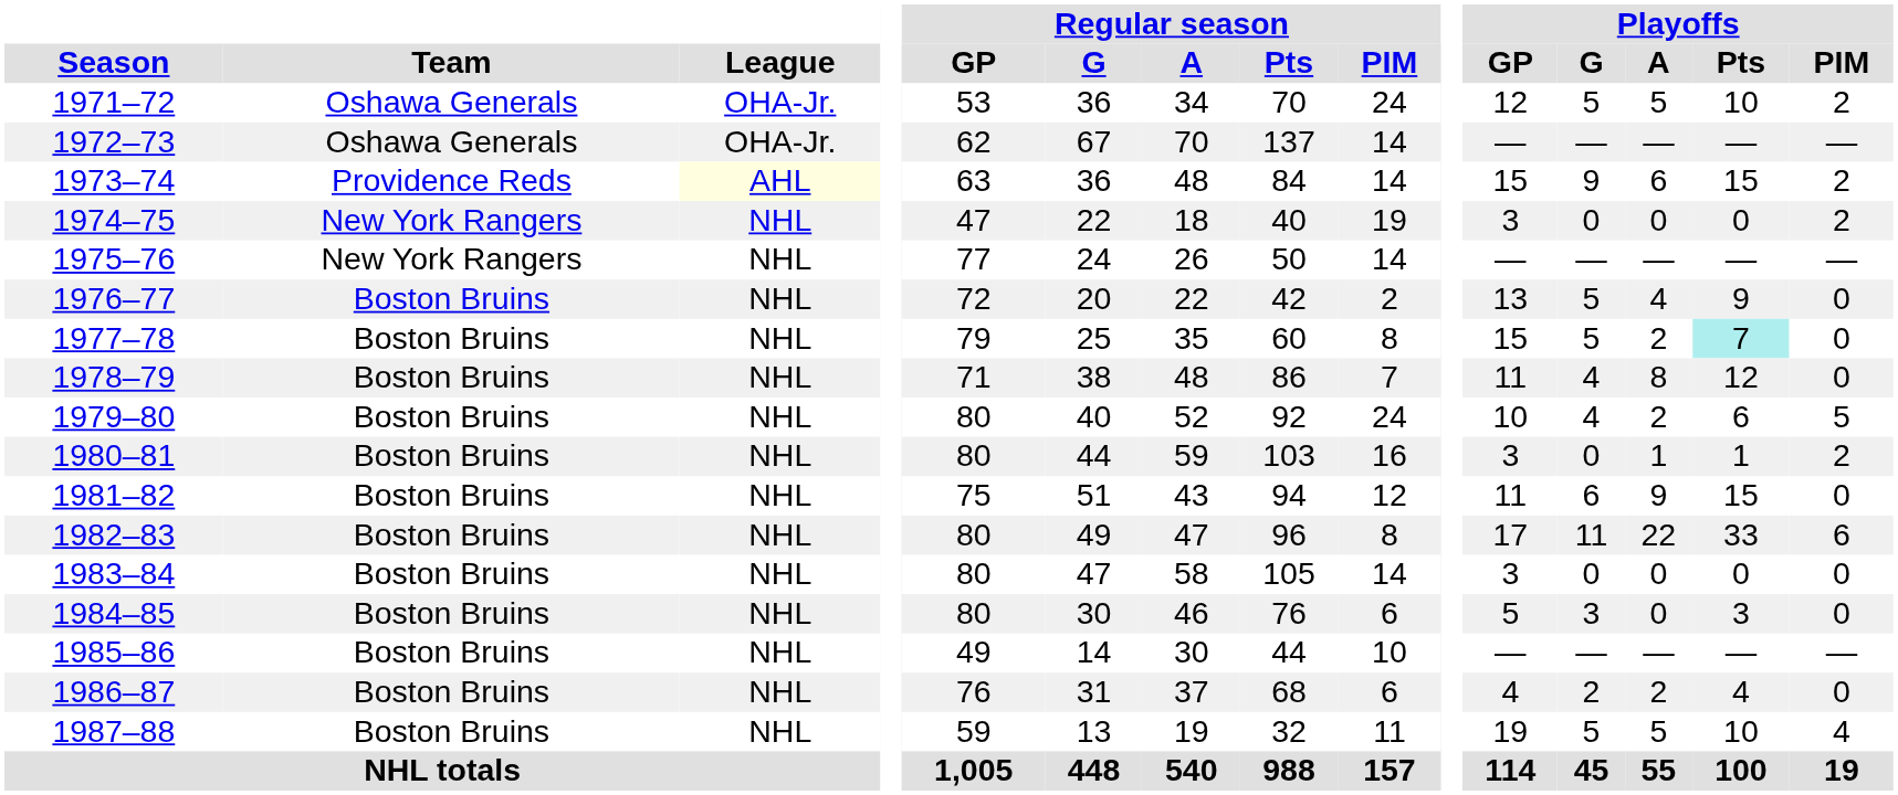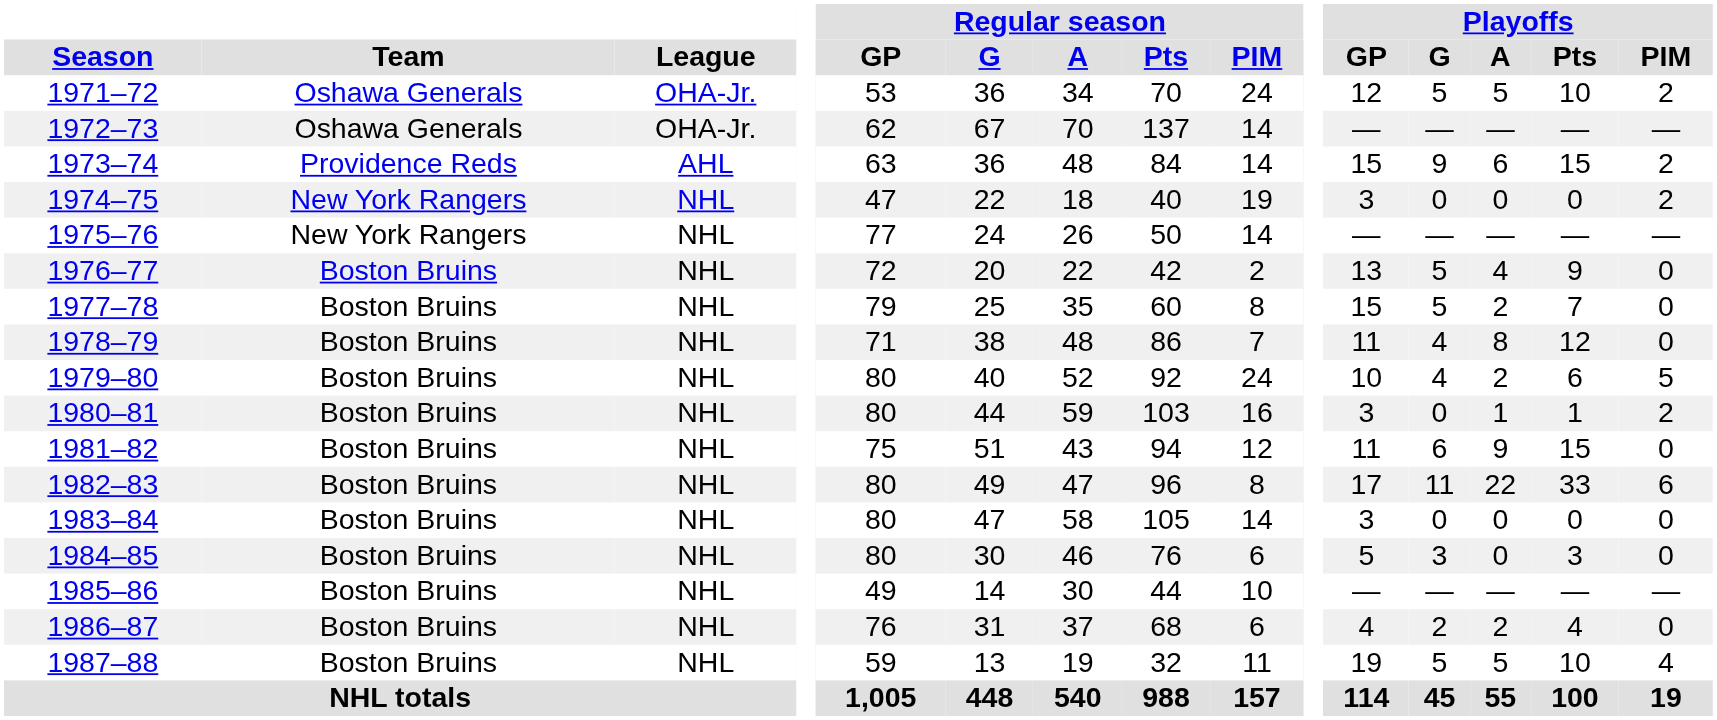 <table border="0" cellpadding="1" cellspacing="0" style="text-align:center; width:60em">
 <tr bgcolor="#e0e0e0">
 <th colspan="3" bgcolor="#ffffff"> </th>
 <th rowspan="99" bgcolor="#ffffff"> </th>
 <th colspan="5"><a href='#'>Regular season</a></th>
 <th rowspan="99" bgcolor="#ffffff"> </th>
 <th colspan="5"><a href='#'>Playoffs</a></th>
 </tr>
 <tr bgcolor="#e0e0e0">
 <th><a href='#'>Season</a></th>
 <th>Team</th>
 <th>League</th>
 <th>GP</th>
 <th><a href='#'>G</a></th>
 <th><a href='#'>A</a></th>
 <th><a href='#'>Pts</a></th>
 <th><a href='#'>PIM</a></th>
 <th>GP</th>
 <th>G</th>
 <th>A</th>
 <th>Pts</th>
 <th>PIM</th>
 </tr>
 <tr>
 <td><a href='#'>1971–72</a></td>
 <td><a href='#'>Oshawa Generals</a></td>
 <td><a href='#'>OHA-Jr.</a></td>
 <td>53</td>
 <td>36</td>
 <td>34</td>
 <td>70</td>
 <td>24</td>
 <td>12</td>
 <td>5</td>
 <td>5</td>
 <td>10</td>
 <td>2</td>
 </tr>
 <tr bgcolor="#f0f0f0">
 <td><a href='#'>1972–73</a></td>
 <td>Oshawa Generals</td>
 <td>OHA-Jr.</td>
 <td>62</td>
 <td>67</td>
 <td>70</td>
 <td>137</td>
 <td>14</td>
 <td>—</td>
 <td>—</td>
 <td>—</td>
 <td>—</td>
 <td>—</td>
 </tr>
 <tr>
 <td><a href='#'>1973–74</a></td>
 <td><a href='#'>Providence Reds</a></td>
-<td style="background: lightyellow;"><a href='#'>AHL</a></td>
+<td><a href='#'>AHL</a></td>
 <td>63</td>
 <td>36</td>
 <td>48</td>
 <td>84</td>
 <td>14</td>
 <td>15</td>
 <td>9</td>
 <td>6</td>
 <td>15</td>
 <td>2</td>
 </tr>
 <tr bgcolor="#f0f0f0">
 <td><a href='#'>1974–75</a></td>
 <td><a href='#'>New York Rangers</a></td>
 <td><a href='#'>NHL</a></td>
 <td>47</td>
 <td>22</td>
 <td>18</td>
 <td>40</td>
 <td>19</td>
 <td>3</td>
 <td>0</td>
 <td>0</td>
 <td>0</td>
 <td>2</td>
 </tr>
 <tr>
 <td><a href='#'>1975–76</a></td>
 <td>New York Rangers</td>
 <td>NHL</td>
 <td>77</td>
 <td>24</td>
 <td>26</td>
 <td>50</td>
 <td>14</td>
 <td>—</td>
 <td>—</td>
 <td>—</td>
 <td>—</td>
 <td>—</td>
 </tr>
 <tr bgcolor="#f0f0f0">
 <td><a href='#'>1976–77</a></td>
 <td><a href='#'>Boston Bruins</a></td>
 <td>NHL</td>
 <td>72</td>
 <td>20</td>
 <td>22</td>
 <td>42</td>
 <td>2</td>
 <td>13</td>
 <td>5</td>
 <td>4</td>
 <td>9</td>
 <td>0</td>
 </tr>
 <tr>
 <td><a href='#'>1977–78</a></td>
 <td>Boston Bruins</td>
 <td>NHL</td>
 <td>79</td>
 <td>25</td>
 <td>35</td>
 <td>60</td>
 <td>8</td>
 <td>15</td>
 <td>5</td>
 <td>2</td>
-<td style="background: paleturquoise;">7</td>
+<td>7</td>
 <td>0</td>
 </tr>
 <tr bgcolor="#f0f0f0">
 <td><a href='#'>1978–79</a></td>
 <td>Boston Bruins</td>
 <td>NHL</td>
 <td>71</td>
 <td>38</td>
 <td>48</td>
 <td>86</td>
 <td>7</td>
 <td>11</td>
 <td>4</td>
 <td>8</td>
 <td>12</td>
 <td>0</td>
 </tr>
 <tr>
 <td><a href='#'>1979–80</a></td>
 <td>Boston Bruins</td>
 <td>NHL</td>
 <td>80</td>
 <td>40</td>
 <td>52</td>
 <td>92</td>
 <td>24</td>
 <td>10</td>
 <td>4</td>
 <td>2</td>
 <td>6</td>
 <td>5</td>
 </tr>
 <tr bgcolor="#f0f0f0">
 <td><a href='#'>1980–81</a></td>
 <td>Boston Bruins</td>
 <td>NHL</td>
 <td>80</td>
 <td>44</td>
 <td>59</td>
 <td>103</td>
 <td>16</td>
 <td>3</td>
 <td>0</td>
 <td>1</td>
 <td>1</td>
 <td>2</td>
 </tr>
 <tr>
 <td><a href='#'>1981–82</a></td>
 <td>Boston Bruins</td>
 <td>NHL</td>
 <td>75</td>
 <td>51</td>
 <td>43</td>
 <td>94</td>
 <td>12</td>
 <td>11</td>
 <td>6</td>
 <td>9</td>
 <td>15</td>
 <td>0</td>
 </tr>
 <tr bgcolor="#f0f0f0">
 <td><a href='#'>1982–83</a></td>
 <td>Boston Bruins</td>
 <td>NHL</td>
 <td>80</td>
 <td>49</td>
 <td>47</td>
 <td>96</td>
 <td>8</td>
 <td>17</td>
 <td>11</td>
 <td>22</td>
 <td>33</td>
 <td>6</td>
 </tr>
 <tr>
 <td><a href='#'>1983–84</a></td>
 <td>Boston Bruins</td>
 <td>NHL</td>
 <td>80</td>
 <td>47</td>
 <td>58</td>
 <td>105</td>
 <td>14</td>
 <td>3</td>
 <td>0</td>
 <td>0</td>
 <td>0</td>
 <td>0</td>
 </tr>
 <tr bgcolor="#f0f0f0">
 <td><a href='#'>1984–85</a></td>
 <td>Boston Bruins</td>
 <td>NHL</td>
 <td>80</td>
 <td>30</td>
 <td>46</td>
 <td>76</td>
 <td>6</td>
 <td>5</td>
 <td>3</td>
 <td>0</td>
 <td>3</td>
 <td>0</td>
 </tr>
 <tr>
 <td><a href='#'>1985–86</a></td>
 <td>Boston Bruins</td>
 <td>NHL</td>
 <td>49</td>
 <td>14</td>
 <td>30</td>
 <td>44</td>
 <td>10</td>
 <td>—</td>
 <td>—</td>
 <td>—</td>
 <td>—</td>
 <td>—</td>
 </tr>
 <tr bgcolor="#f0f0f0">
 <td><a href='#'>1986–87</a></td>
 <td>Boston Bruins</td>
 <td>NHL</td>
 <td>76</td>
 <td>31</td>
 <td>37</td>
 <td>68</td>
 <td>6</td>
 <td>4</td>
 <td>2</td>
 <td>2</td>
 <td>4</td>
 <td>0</td>
 </tr>
 <tr>
 <td><a href='#'>1987–88</a></td>
 <td>Boston Bruins</td>
 <td>NHL</td>
 <td>59</td>
 <td>13</td>
 <td>19</td>
 <td>32</td>
 <td>11</td>
 <td>19</td>
 <td>5</td>
 <td>5</td>
 <td>10</td>
 <td>4</td>
 </tr>
 <tr bgcolor="#e0e0e0">
 <th colspan="3">NHL totals</th>
 <th>1,005</th>
 <th>448</th>
 <th>540</th>
 <th>988</th>
 <th>157</th>
 <th>114</th>
 <th>45</th>
 <th>55</th>
 <th>100</th>
 <th>19</th>
 </tr>
 </table>
